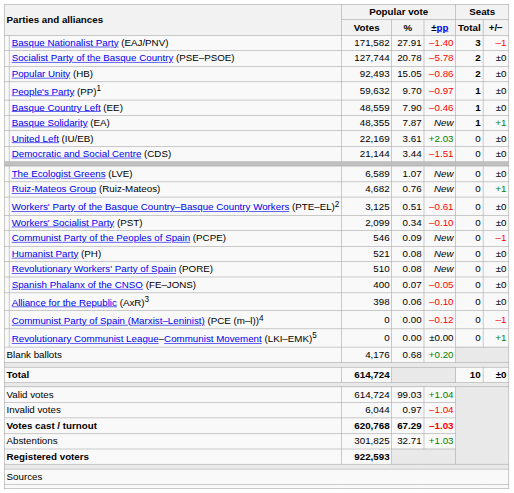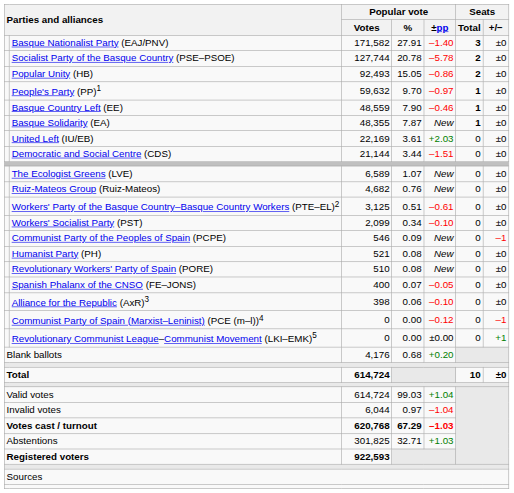 <table class="wikitable" style="text-align:right;">
 <tr>
 <th style="text-align:left;" rowspan="2" colspan="2" width="525">Parties and alliances</th>
 <th colspan="3">Popular vote</th>
 <th colspan="2">Seats</th>
 </tr>
 <tr>
 <th width="75">Votes</th>
 <th width="45">%</th>
 <th width="45">±<a href='#'>pp</a></th>
 <th width="35">Total</th>
 <th width="35">+/−</th>
 </tr>
 <tr>
 <td width="1" style="color:inherit;background:"></td>
 <td align="left"><a href='#'>Basque Nationalist Party</a> (EAJ/PNV)</td>
 <td>171,582</td>
 <td>27.91</td>
 <td style="color:red;">–1.40</td>
 <td><strong>3</strong></td>
-<td style="color:red;">–1</td>
+<td>±0</td>
 </tr>
 <tr>
 <td style="color:inherit;background:"></td>
 <td align="left"><a href='#'>Socialist Party of the Basque Country</a> (PSE–PSOE)</td>
 <td>127,744</td>
 <td>20.78</td>
 <td style="color:red;">–5.78</td>
 <td><strong>2</strong></td>
 <td>±0</td>
 </tr>
 <tr>
 <td style="color:inherit;background:"></td>
 <td align="left"><a href='#'>Popular Unity</a> (HB)</td>
 <td>92,493</td>
 <td>15.05</td>
 <td style="color:red;">–0.86</td>
 <td><strong>2</strong></td>
 <td>±0</td>
 </tr>
 <tr>
 <td style="color:inherit;background:"></td>
 <td align="left"><a href='#'>People's Party</a> (PP)<sup>1</sup></td>
 <td>59,632</td>
 <td>9.70</td>
 <td style="color:red;">–0.97</td>
 <td><strong>1</strong></td>
 <td>±0</td>
 </tr>
 <tr>
 <td style="color:inherit;background:"></td>
 <td align="left"><a href='#'>Basque Country Left</a> (EE)</td>
 <td>48,559</td>
 <td>7.90</td>
 <td style="color:red;">–0.46</td>
 <td><strong>1</strong></td>
 <td>±0</td>
 </tr>
 <tr>
 <td style="color:inherit;background:"></td>
 <td align="left"><a href='#'>Basque Solidarity</a> (EA)</td>
 <td>48,355</td>
 <td>7.87</td>
 <td><em>New</em></td>
 <td><strong>1</strong></td>
-<td style="color:green;">+1</td>
+<td>±0</td>
 </tr>
 <tr>
 <td style="color:inherit;background:"></td>
 <td align="left"><a href='#'>United Left</a> (IU/EB)</td>
 <td>22,169</td>
 <td>3.61</td>
 <td style="color:green;">+2.03</td>
 <td>0</td>
 <td>±0</td>
 </tr>
 <tr>
 <td style="color:inherit;background:"></td>
 <td align="left"><a href='#'>Democratic and Social Centre</a> (CDS)</td>
 <td>21,144</td>
 <td>3.44</td>
 <td style="color:red;">–1.51</td>
 <td>0</td>
 <td>±0</td>
 </tr>
 <tr>
 <td colspan="7" bgcolor="#C0C0C0"></td>
 </tr>
 <tr>
 <td style="color:inherit;background:"></td>
 <td align="left"><a href='#'>The Ecologist Greens</a> (LVE)</td>
 <td>6,589</td>
 <td>1.07</td>
 <td><em>New</em></td>
 <td>0</td>
 <td>±0</td>
 </tr>
 <tr>
 <td style="color:inherit;background:"></td>
 <td align="left"><a href='#'>Ruiz-Mateos Group</a> (Ruiz-Mateos)</td>
 <td>4,682</td>
 <td>0.76</td>
 <td><em>New</em></td>
 <td>0</td>
-<td style="color:green;">+1</td>
+<td>±0</td>
 </tr>
 <tr>
 <td style="color:inherit;background:"></td>
 <td align="left"><a href='#'>Workers' Party of the Basque Country–Basque Country Workers</a> (PTE–EL)<sup>2</sup></td>
 <td>3,125</td>
 <td>0.51</td>
 <td style="color:red;">–0.61</td>
 <td>0</td>
 <td>±0</td>
 </tr>
 <tr>
 <td style="color:inherit;background:"></td>
 <td align="left"><a href='#'>Workers' Socialist Party</a> (PST)</td>
 <td>2,099</td>
 <td>0.34</td>
 <td style="color:red;">–0.10</td>
 <td>0</td>
 <td>±0</td>
 </tr>
 <tr>
 <td style="color:inherit;background:"></td>
 <td align="left"><a href='#'>Communist Party of the Peoples of Spain</a> (PCPE)</td>
 <td>546</td>
 <td>0.09</td>
 <td><em>New</em></td>
 <td>0</td>
 <td style="color:red;">–1</td>
 </tr>
 <tr>
 <td style="color:inherit;background:"></td>
 <td align="left"><a href='#'>Humanist Party</a> (PH)</td>
 <td>521</td>
 <td>0.08</td>
 <td><em>New</em></td>
 <td>0</td>
 <td>±0</td>
 </tr>
 <tr>
 <td style="color:inherit;background:"></td>
 <td align="left"><a href='#'>Revolutionary Workers' Party of Spain</a> (PORE)</td>
 <td>510</td>
 <td>0.08</td>
 <td><em>New</em></td>
 <td>0</td>
 <td>±0</td>
 </tr>
 <tr>
 <td style="color:inherit;background:"></td>
 <td align="left"><a href='#'>Spanish Phalanx of the CNSO</a> (FE–JONS)</td>
 <td>400</td>
 <td>0.07</td>
 <td style="color:red;">–0.05</td>
 <td>0</td>
 <td>±0</td>
 </tr>
 <tr>
 <td style="color:inherit;background:"></td>
 <td align="left"><a href='#'>Alliance for the Republic</a> (AxR)<sup>3</sup></td>
 <td>398</td>
 <td>0.06</td>
 <td style="color:red;">–0.10</td>
 <td>0</td>
 <td>±0</td>
 </tr>
 <tr>
 <td style="color:inherit;background:"></td>
 <td align="left"><a href='#'>Communist Party of Spain (Marxist–Leninist)</a> (PCE (m–l))<sup>4</sup></td>
 <td>0</td>
 <td>0.00</td>
 <td style="color:red;">–0.12</td>
 <td>0</td>
 <td style="color:red;">–1</td>
 </tr>
 <tr>
 <td style="color:inherit;background:"></td>
 <td align="left"><a href='#'>Revolutionary Communist League</a>–<a href='#'>Communist Movement</a> (LKI–EMK)<sup>5</sup></td>
 <td>0</td>
 <td>0.00</td>
 <td>±0.00</td>
 <td>0</td>
 <td style="color:green;">+1</td>
 </tr>
 <tr>
 <td align="left" colspan="2">Blank ballots</td>
 <td>4,176</td>
 <td>0.68</td>
 <td style="color:green;">+0.20</td>
 <td bgcolor="#E9E9E9" colspan="2"></td>
 </tr>
 <tr>
 <td colspan="7" bgcolor="#E9E9E9"></td>
 </tr>
 <tr style="font-weight:bold;">
 <td align="left" colspan="2">Total</td>
 <td>614,724</td>
 <td bgcolor="#E9E9E9" colspan="2"></td>
 <td>10</td>
 <td>±0</td>
 </tr>
 <tr>
 <td colspan="7" bgcolor="#E9E9E9"></td>
 </tr>
 <tr>
 <td align="left" colspan="2">Valid votes</td>
 <td>614,724</td>
 <td>99.03</td>
 <td style="color:green;">+1.04</td>
 <td bgcolor="#E9E9E9" colspan="2" rowspan="5"></td>
 </tr>
 <tr>
 <td align="left" colspan="2">Invalid votes</td>
 <td>6,044</td>
 <td>0.97</td>
 <td style="color:red;">–1.04</td>
 </tr>
 <tr style="font-weight:bold;">
 <td align="left" colspan="2">Votes cast / turnout</td>
 <td>620,768</td>
 <td>67.29</td>
 <td style="color:red;">–1.03</td>
 </tr>
 <tr>
 <td align="left" colspan="2">Abstentions</td>
 <td>301,825</td>
 <td>32.71</td>
 <td style="color:green;">+1.03</td>
 </tr>
 <tr style="font-weight:bold;">
 <td align="left" colspan="2">Registered voters</td>
 <td>922,593</td>
 <td bgcolor="#E9E9E9" colspan="2"></td>
 </tr>
 <tr>
 <td colspan="7" bgcolor="#E9E9E9"></td>
 </tr>
 <tr>
 <td align="left" colspan="7">Sources</td>
 </tr>
 <tr>
 <td colspan="7" style="text-align:left; max-width:790px;"></td>
 </tr>
 </table>
